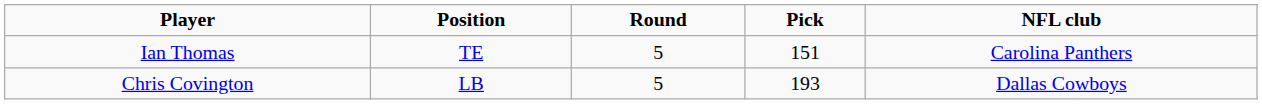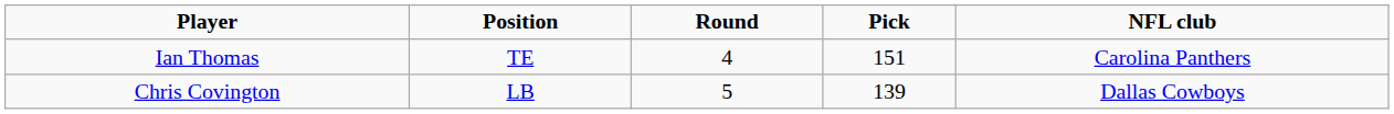 <table class="wikitable" width="80%">
 <tr align="center">
 <td><strong>Player</strong></td>
 <td><strong>Position</strong></td>
 <td><strong>Round</strong></td>
 <td><strong>Pick</strong></td>
 <td><strong>NFL club</strong></td>
 </tr>
 <tr align="center" bgcolor="">
 <td><a href='#'>Ian Thomas</a></td>
 <td><a href='#'>TE</a></td>
-<td>5</td>
+<td>4</td>
 <td>151</td>
 <td><a href='#'>Carolina Panthers</a></td>
 </tr>
 <tr align="center" bgcolor="">
 <td><a href='#'>Chris Covington</a></td>
 <td><a href='#'>LB</a></td>
 <td>5</td>
-<td>193</td>
+<td>139</td>
 <td><a href='#'>Dallas Cowboys</a></td>
 </tr>
 </table>
